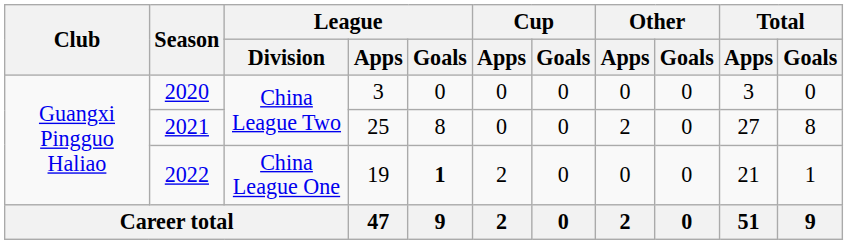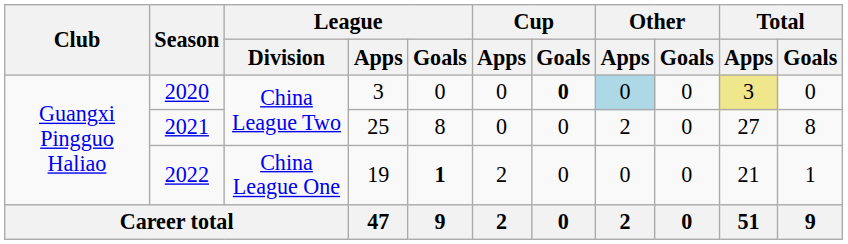 <table class="wikitable" style="text-align: center;">
 <tr>
 <th rowspan=2>Club</th>
 <th rowspan=2>Season</th>
 <th colspan=3>League</th>
 <th colspan=2>Cup</th>
 <th colspan=2>Other</th>
 <th colspan=2>Total</th>
 </tr>
 <tr>
 <th>Division</th>
 <th>Apps</th>
 <th>Goals</th>
 <th>Apps</th>
 <th>Goals</th>
 <th>Apps</th>
 <th>Goals</th>
 <th>Apps</th>
 <th>Goals</th>
 </tr>
 <tr>
 <td rowspan=3><a href='#'>Guangxi Pingguo Haliao</a></td>
 <td><a href='#'>2020</a></td>
 <td rowspan=2><a href='#'>China League Two</a></td>
 <td>3</td>
 <td>0</td>
 <td>0</td>
+<td><strong>0</strong></td>
+<td style="background: lightblue;">0</td>
 <td>0</td>
-<td>0</td>
-<td>0</td>
-<td>3</td>
+<td style="background: khaki;">3</td>
 <td>0</td>
 </tr>
 <tr>
 <td><a href='#'>2021</a></td>
 <td>25</td>
 <td>8</td>
 <td>0</td>
 <td>0</td>
 <td>2</td>
 <td>0</td>
 <td>27</td>
 <td>8</td>
 </tr>
 <tr>
 <td><a href='#'>2022</a></td>
 <td><a href='#'>China League One</a></td>
 <td>19</td>
 <td><strong>1</strong></td>
 <td>2</td>
 <td>0</td>
 <td>0</td>
 <td>0</td>
 <td>21</td>
 <td>1</td>
 </tr>
 <tr>
 <th colspan=3>Career total</th>
 <th>47</th>
 <th>9</th>
 <th>2</th>
 <th>0</th>
 <th>2</th>
 <th>0</th>
 <th>51</th>
 <th>9</th>
 </tr>
 </table>
